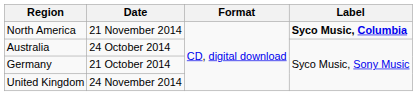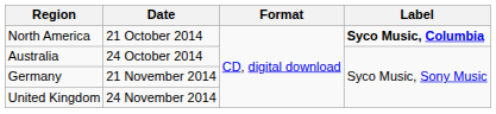 <table class="wikitable plainrowheaders">
 <tr>
 <th scope="col">Region</th>
 <th scope="col">Date</th>
 <th scope="col">Format</th>
 <th scope="col">Label</th>
 </tr>
 <tr>
 <td>North America</td>
-<td>21 November 2014</td>
+<td>21 October 2014</td>
 <td rowspan="4"><a href='#'>CD</a>, <a href='#'>digital download</a></td>
 <td><strong>Syco Music, <a href='#'>Columbia</a></strong></td>
 </tr>
 <tr>
 <td>Australia</td>
 <td>24 October 2014</td>
 <td rowspan="3">Syco Music, <a href='#'>Sony Music</a></td>
 </tr>
 <tr>
 <td>Germany</td>
-<td>21 October 2014</td>
+<td>21 November 2014</td>
 </tr>
 <tr>
 <td>United Kingdom</td>
 <td>24 November 2014</td>
 </tr>
 </table>
